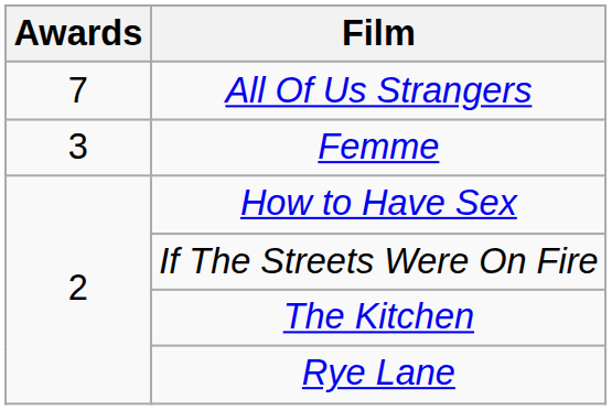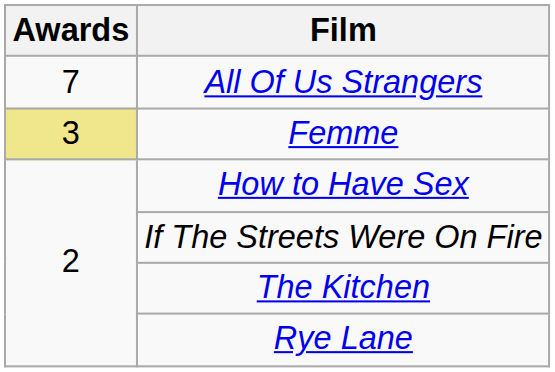 <table class="wikitable plainrowheaders" style="text-align:center;">
 <tr>
 <th scope="col" style="width:55px;">Awards</th>
 <th scope="col" style="text-align:center;">Film</th>
 </tr>
 <tr>
 <td scope=row style="text-align:center">7</td>
 <td><em><a href='#'>All Of Us Strangers</a></em></td>
 </tr>
 <tr>
-<td scope=row style="text-align:center">3</td>
+<td scope=row style="background: khaki; text-align:center">3</td>
 <td><em><a href='#'>Femme</a></em></td>
 </tr>
 <tr>
 <td rowspan="4" scope=row style="text-align:center">2</td>
 <td><em><a href='#'>How to Have Sex</a></em></td>
 </tr>
 <tr>
 <td><em>If The Streets Were On Fire</em></td>
 </tr>
 <tr>
 <td><em><a href='#'>The Kitchen</a></em></td>
 </tr>
 <tr>
 <td><em><a href='#'>Rye Lane</a></em></td>
 </tr>
 </table>
